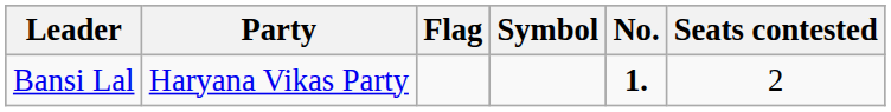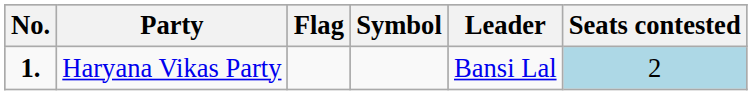 <table class="wikitable">
 <tr>
-<th>Leader</th>
+<th>No.</th>
 <th>Party</th>
 <th>Flag</th>
 <th>Symbol</th>
-<th>No.</th>
+<th>Leader</th>
 <th>Seats contested</th>
 </tr>
 <tr>
-<td style="text-align:center"><a href='#'>Bansi Lal</a></td>
+<td ! style="text-align:center; background:"><strong>1.</strong></td>
 <td style="text-align:center"><a href='#'>Haryana Vikas Party</a></td>
 <td></td>
 <td></td>
-<td ! style="text-align:center; background:"><strong>1.</strong></td>
-<td style="text-align:center">2</td>
+<td style="text-align:center"><a href='#'>Bansi Lal</a></td>
+<td style="background: lightblue; text-align:center">2</td>
 </tr>
 </table>
